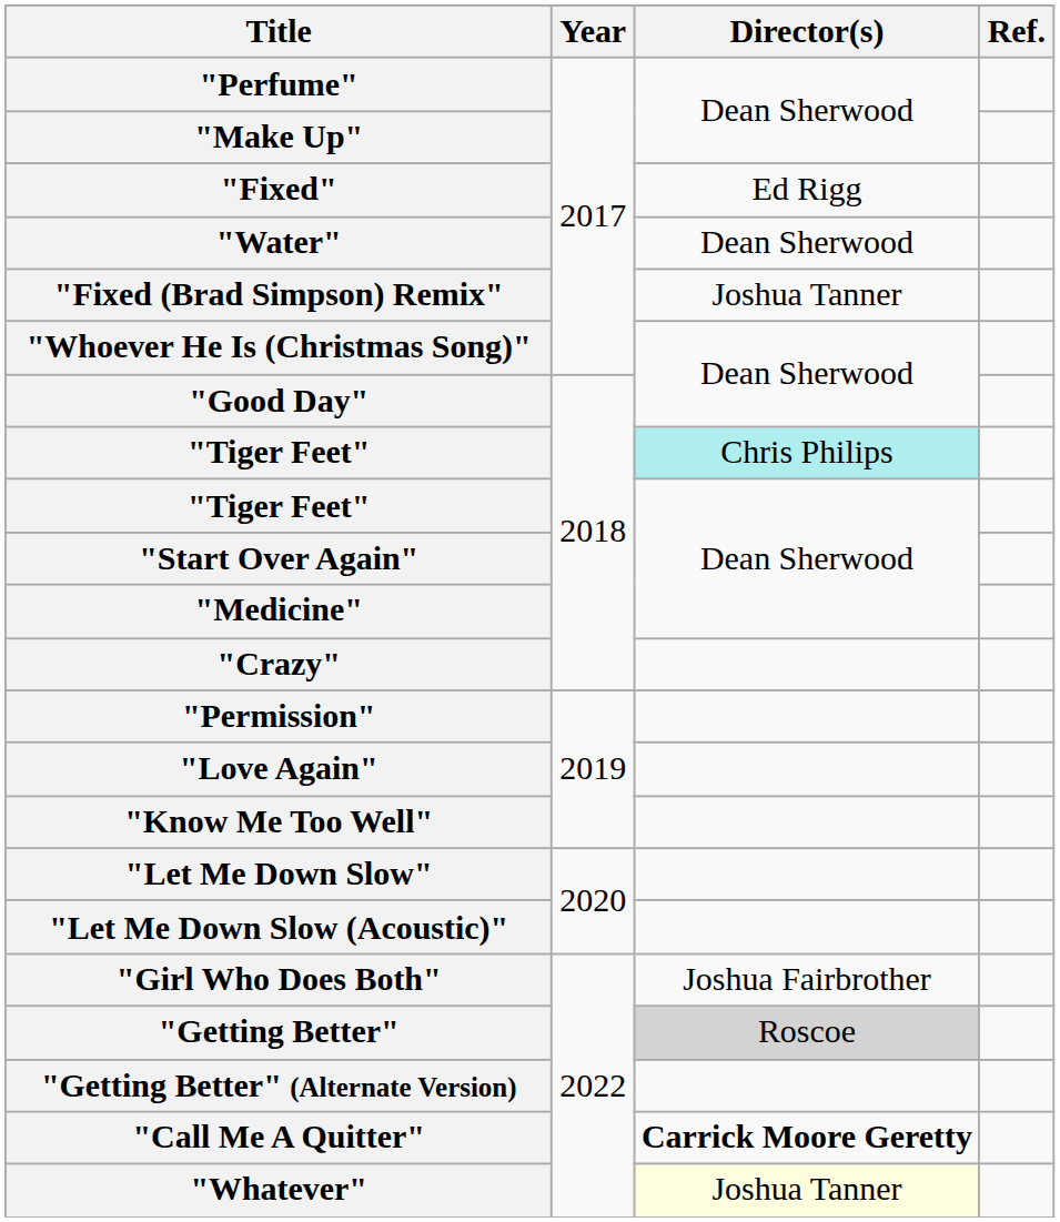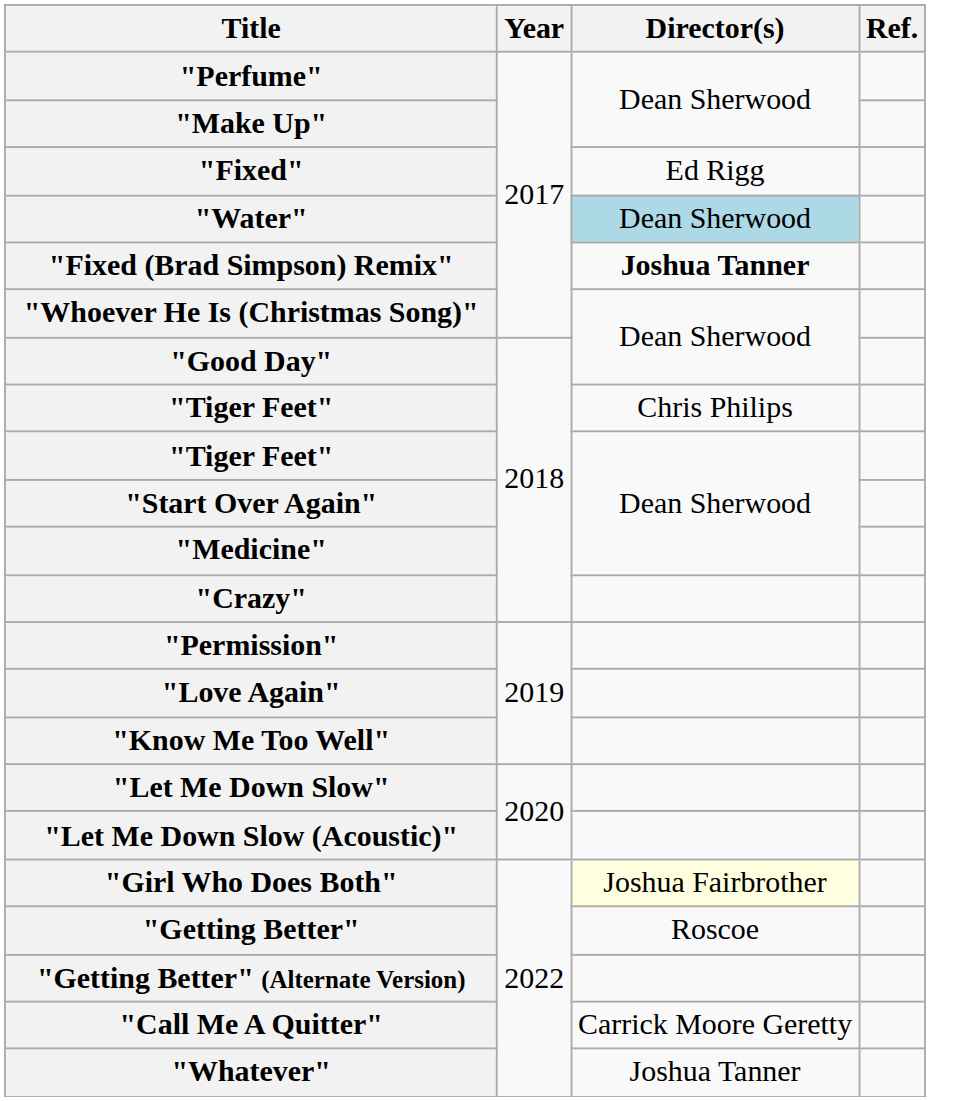 <table class="wikitable plainrowheaders" style="text-align:center;">
 <tr>
 <th scope="col" style="width:16em;">Title</th>
 <th scope="col" style="width:1em;">Year</th>
 <th scope="col">Director(s)</th>
 <th scope="col">Ref.</th>
 </tr>
 <tr>
 <th scope="row">"Perfume"</th>
 <td rowspan="6">2017</td>
 <td rowspan="2">Dean Sherwood</td>
 <td></td>
 </tr>
 <tr>
 <th scope="row">"Make Up"</th>
 <td></td>
 </tr>
 <tr>
 <th scope="row">"Fixed"</th>
 <td>Ed Rigg</td>
 <td></td>
 </tr>
 <tr>
 <th scope="row">"Water"</th>
-<td>Dean Sherwood</td>
+<td style="background: lightblue;">Dean Sherwood</td>
 <td></td>
 </tr>
 <tr>
 <th scope="row">"Fixed (Brad Simpson) Remix"</th>
-<td>Joshua Tanner</td>
+<td><strong>Joshua Tanner</strong></td>
 <td></td>
 </tr>
 <tr>
 <th scope="row">"Whoever He Is (Christmas Song)"</th>
 <td rowspan="2">Dean Sherwood</td>
 <td></td>
 </tr>
 <tr>
 <th scope="row">"Good Day"</th>
 <td rowspan="6">2018</td>
 <td></td>
 </tr>
 <tr>
 <th scope="row">"Tiger Feet" </th>
-<td style="background: paleturquoise;">Chris Philips</td>
+<td>Chris Philips</td>
 <td></td>
 </tr>
 <tr>
 <th scope="row">"Tiger Feet"</th>
 <td rowspan="3">Dean Sherwood</td>
 <td></td>
 </tr>
 <tr>
 <th scope="row">"Start Over Again"</th>
 <td></td>
 </tr>
 <tr>
 <th scope="row">"Medicine"</th>
 <td></td>
 </tr>
 <tr>
 <th scope="row">"Crazy"</th>
 <td></td>
 <td></td>
 </tr>
 <tr>
 <th scope="row">"Permission"</th>
 <td rowspan="3">2019</td>
 <td></td>
 <td></td>
 </tr>
 <tr>
 <th scope="row">"Love Again"</th>
 <td></td>
 <td></td>
 </tr>
 <tr>
 <th scope="row">"Know Me Too Well"</th>
 <td></td>
 <td></td>
 </tr>
 <tr>
 <th scope="row">"Let Me Down Slow"</th>
 <td rowspan="2">2020</td>
 <td></td>
 <td></td>
 </tr>
 <tr>
 <th scope="row">"Let Me Down Slow (Acoustic)"</th>
 <td></td>
 <td></td>
 </tr>
 <tr>
 <th scope="row">"Girl Who Does Both"</th>
 <td rowspan="5">2022</td>
-<td>Joshua Fairbrother</td>
+<td style="background: lightyellow;">Joshua Fairbrother</td>
 <td></td>
 </tr>
 <tr>
 <th scope="row">"Getting Better"</th>
-<td style="background: lightgrey;">Roscoe</td>
+<td>Roscoe</td>
 <td></td>
 </tr>
 <tr>
 <th scope="row">"Getting Better" <small>(Alternate Version)</small></th>
 <td></td>
 <td></td>
 </tr>
 <tr>
 <th scope="row">"Call Me A Quitter"</th>
-<td><strong>Carrick Moore Geretty</strong></td>
+<td>Carrick Moore Geretty</td>
 <td></td>
 </tr>
 <tr>
 <th scope="row">"Whatever"</th>
-<td style="background: lightyellow;">Joshua Tanner</td>
+<td>Joshua Tanner</td>
 <td></td>
 </tr>
 </table>
